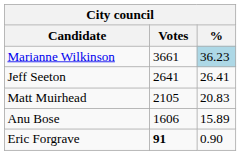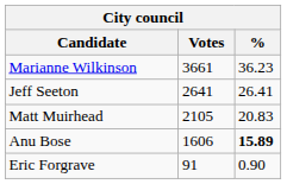 <table class="wikitable">
 <tr>
 <th colspan="3">City council</th>
 </tr>
 <tr>
 <th style="width: 170px">Candidate</th>
 <th style="width: 50px">Votes</th>
 <th style="width: 40px">%</th>
 </tr>
 <tr>
 <td><a href='#'>Marianne Wilkinson</a></td>
 <td>3661</td>
-<td style="background: lightblue;">36.23</td>
+<td>36.23</td>
 </tr>
 <tr>
 <td>Jeff Seeton</td>
 <td>2641</td>
 <td>26.41</td>
 </tr>
 <tr>
 <td>Matt Muirhead</td>
 <td>2105</td>
 <td>20.83</td>
 </tr>
 <tr>
 <td>Anu Bose</td>
 <td>1606</td>
-<td>15.89</td>
+<td><strong>15.89</strong></td>
 </tr>
 <tr>
 <td>Eric Forgrave</td>
-<td><strong>91</strong></td>
+<td>91</td>
 <td>0.90</td>
 </tr>
 </table>
